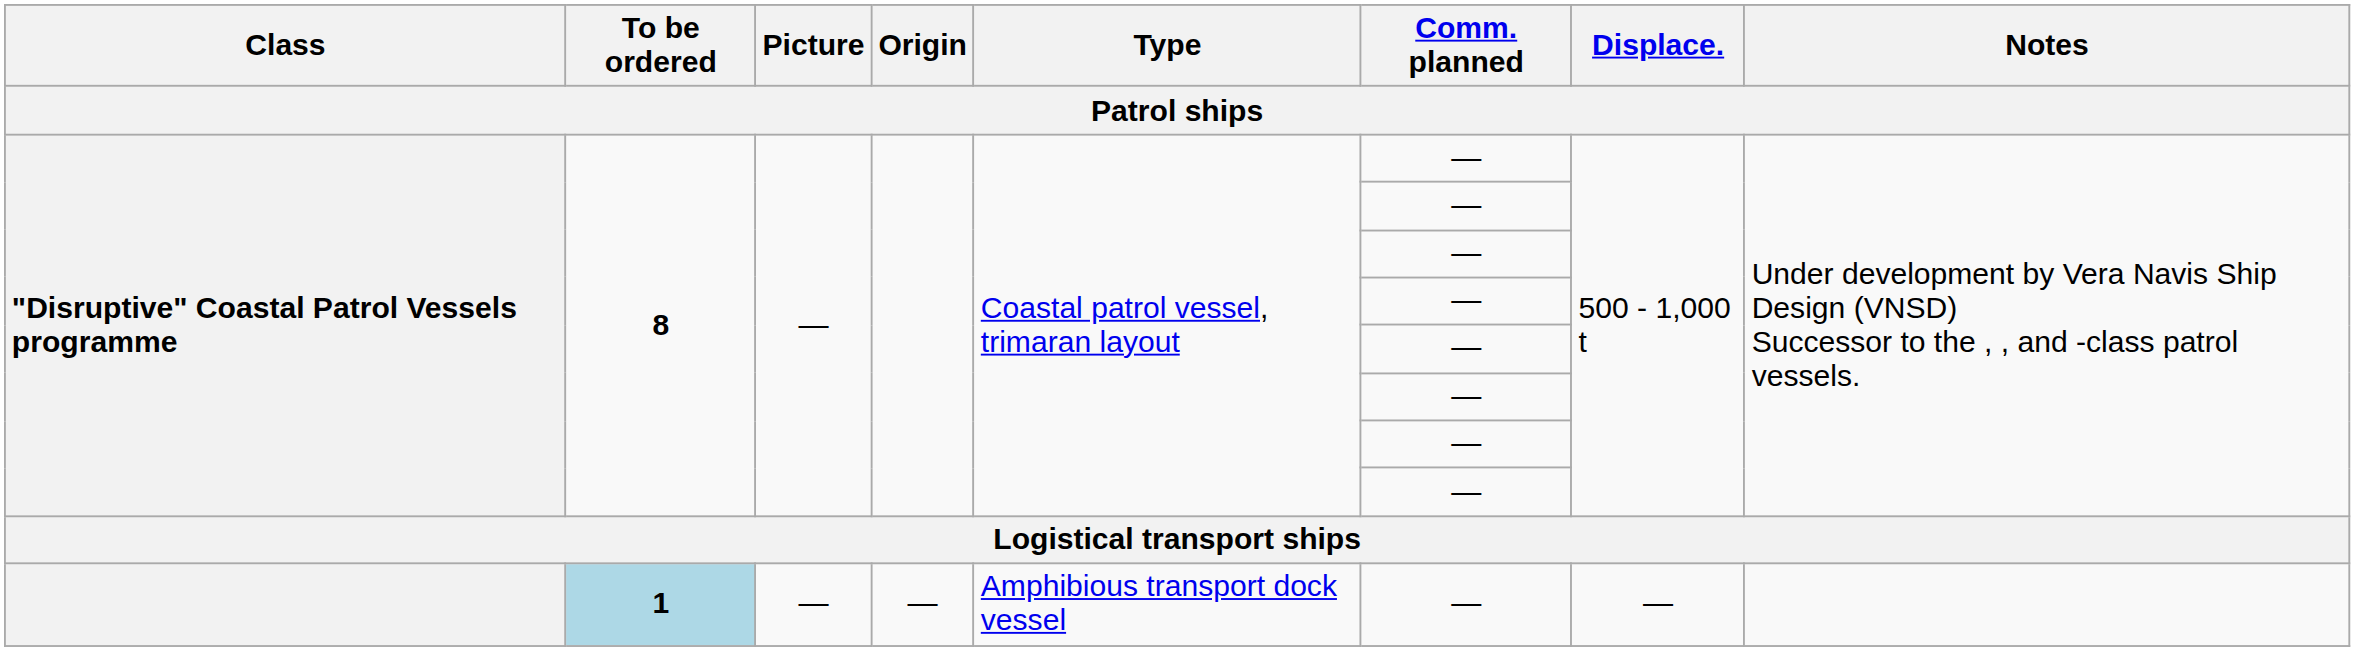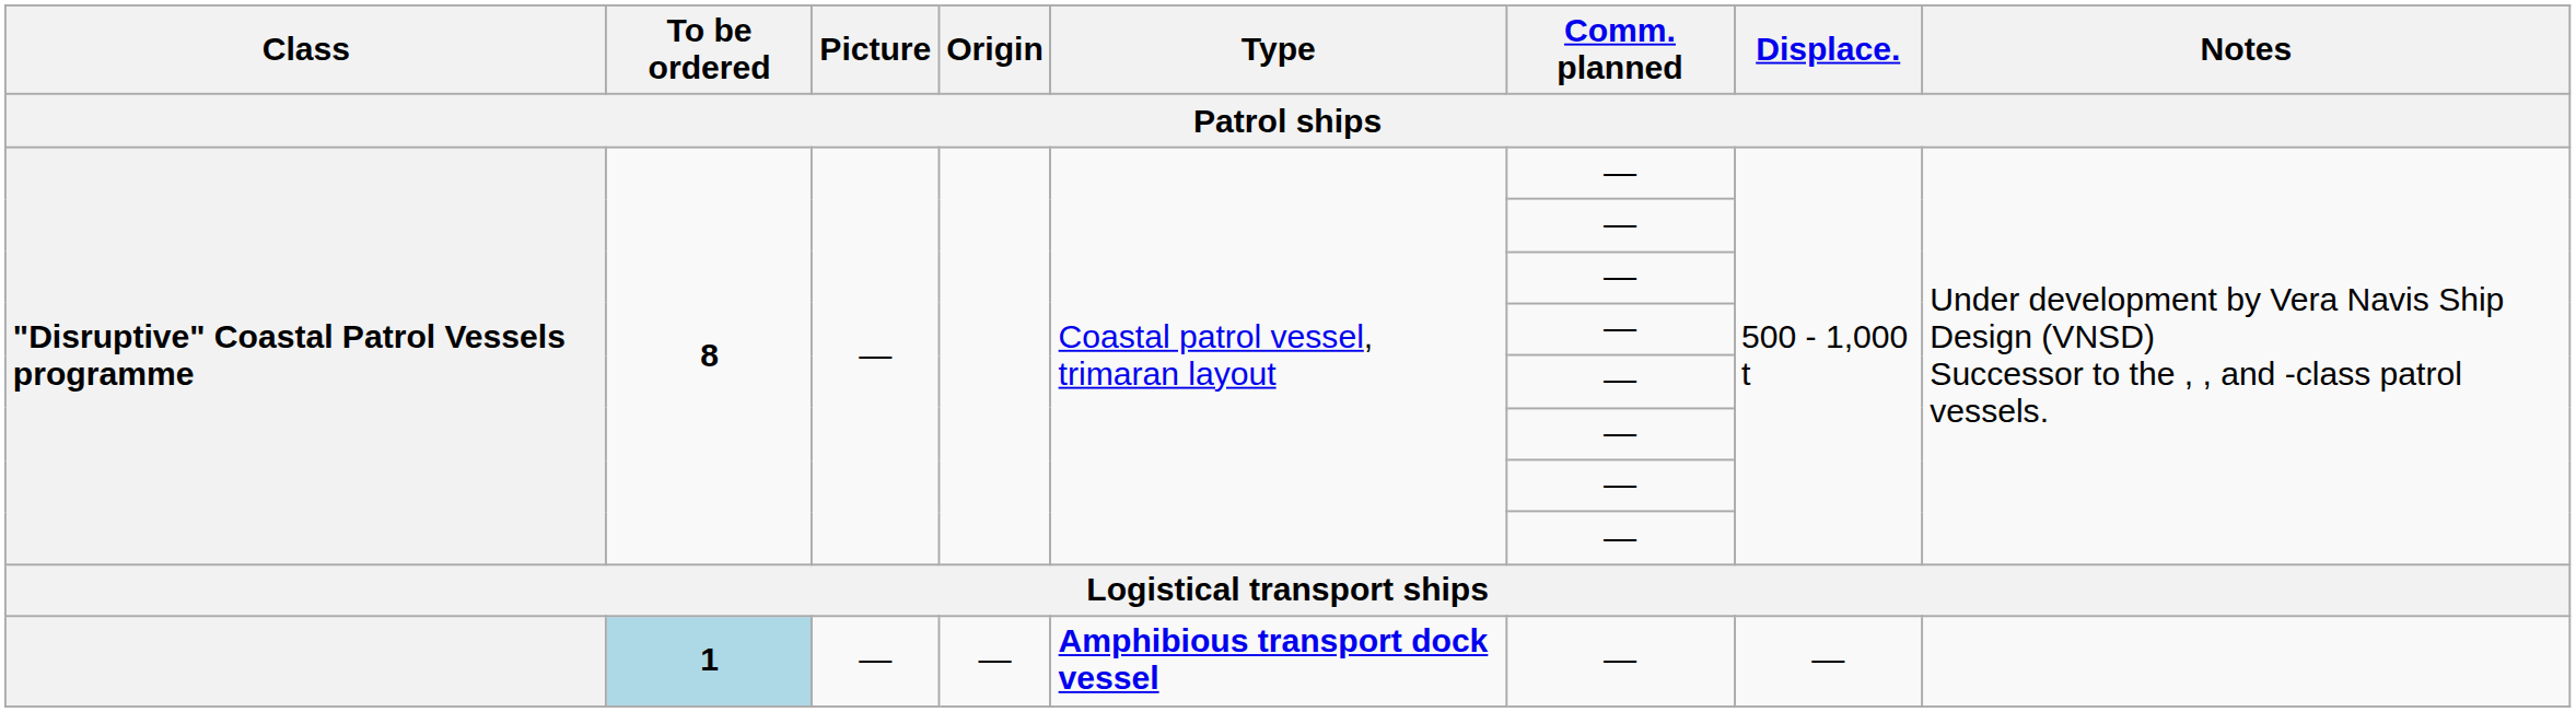 <table class="wikitable">
 <tr>
 <th>Class</th>
 <th>To be ordered</th>
 <th>Picture</th>
 <th>Origin</th>
 <th>Type</th>
 <th><a href='#'>Comm.</a> planned</th>
 <th><a href='#'>Displace.</a></th>
 <th>Notes</th>
 </tr>
 <tr>
 <th colspan="8">Patrol ships</th>
 </tr>
 <tr>
 <th rowspan="8" style="text-align: left;">"Disruptive" Coastal Patrol Vessels programme</th>
 <td rowspan="8" style="text-align: center;"><strong>8</strong></td>
 <td rowspan="8" style="text-align: center;">—</td>
 <td rowspan="8"></td>
 <td rowspan="8"><a href='#'>Coastal patrol vessel</a>,<br><a href='#'>trimaran layout</a></td>
 <td style="text-align: center;">—</td>
 <td rowspan="8">500 - 1,000 t </td>
 <td rowspan="8">Under development by Vera Navis Ship Design (VNSD)<br>Successor to the , ,  and -class patrol vessels.<br></td>
 </tr>
 <tr>
 <td style="text-align: center;">—</td>
 </tr>
 <tr>
 <td style="text-align: center;">—</td>
 </tr>
 <tr>
 <td style="text-align: center;">—</td>
 </tr>
 <tr>
 <td style="text-align: center;">—</td>
 </tr>
 <tr>
 <td style="text-align: center;">—</td>
 </tr>
 <tr>
 <td style="text-align: center;">—</td>
 </tr>
 <tr>
 <td style="text-align: center;">—</td>
 </tr>
 <tr>
 <th colspan="8">Logistical transport ships</th>
 </tr>
 <tr>
 <th style="text-align: left;"></th>
 <td style="background: lightblue; text-align: center;"><strong>1</strong></td>
 <td style="text-align: center;">—</td>
 <td style="text-align: center;">—</td>
-<td><a href='#'>Amphibious transport dock vessel</a></td>
+<td><strong><a href='#'>Amphibious transport dock vessel</a></strong></td>
 <td style="text-align: center;">—</td>
 <td style="text-align: center;">—</td>
 <td style="text-align: center;"></td>
 </tr>
 </table>
